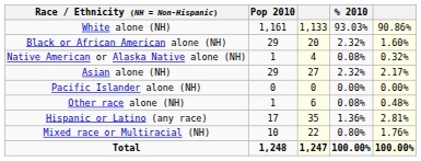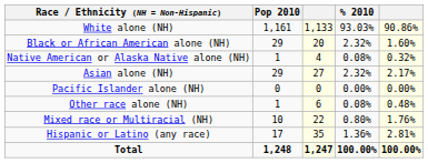 <table class="wikitable" style="text-align:center;">
 <tr>
 <th>Race / Ethnicity <small>(<em>NH = Non-Hispanic</em>)</small></th>
 <th>Pop 2010</th>
 <th></th>
 <th>% 2010</th>
 <th></th>
 </tr>
 <tr>
 <td><a href='#'>White</a> alone (NH)</td>
 <td>1,161</td>
 <td style='background: #ffffe6;'>1,133</td>
 <td>93.03%</td>
 <td style='background: #ffffe6;'>90.86%</td>
 </tr>
 <tr>
 <td><a href='#'>Black or African American</a> alone (NH)</td>
 <td>29</td>
 <td style='background: #ffffe6;'>20</td>
 <td>2.32%</td>
 <td style='background: #ffffe6;'>1.60%</td>
 </tr>
 <tr>
 <td><a href='#'>Native American</a> or <a href='#'>Alaska Native</a> alone (NH)</td>
 <td>1</td>
 <td style='background: #ffffe6;'>4</td>
 <td>0.08%</td>
 <td style='background: #ffffe6;'>0.32%</td>
 </tr>
 <tr>
 <td><a href='#'>Asian</a> alone (NH)</td>
 <td>29</td>
 <td style='background: #ffffe6;'>27</td>
 <td>2.32%</td>
 <td style='background: #ffffe6;'>2.17%</td>
 </tr>
 <tr>
 <td><a href='#'>Pacific Islander</a> alone (NH)</td>
 <td>0</td>
 <td style='background: #ffffe6;'>0</td>
 <td>0.00%</td>
 <td style='background: #ffffe6;'>0.00%</td>
 </tr>
 <tr>
 <td><a href='#'>Other race</a> alone (NH)</td>
 <td>1</td>
 <td style='background: #ffffe6;'>6</td>
 <td>0.08%</td>
 <td style='background: #ffffe6;'>0.48%</td>
 </tr>
 <tr>
+<td><a href='#'>Mixed race or Multiracial</a> (NH)</td>
+<td>10</td>
+<td style='background: #ffffe6;'>22</td>
+<td>0.80%</td>
+<td style='background: #ffffe6;'>1.76%</td>
+</tr>
+<tr>
 <td><a href='#'>Hispanic or Latino</a> (any race)</td>
 <td>17</td>
 <td style='background: #ffffe6;'>35</td>
 <td>1.36%</td>
 <td style='background: #ffffe6;'>2.81%</td>
-</tr>
-<tr>
-<td><a href='#'>Mixed race or Multiracial</a> (NH)</td>
-<td>10</td>
-<td style='background: #ffffe6;'>22</td>
-<td>0.80%</td>
-<td style='background: #ffffe6;'>1.76%</td>
 </tr>
 <tr>
 <td><strong>Total</strong></td>
 <td><strong>1,248</strong></td>
 <td style='background: #ffffe6;'><strong>1,247</strong></td>
 <td><strong>100.00%</strong></td>
 <td style='background: #ffffe6;'><strong>100.00%</strong></td>
 </tr>
 </table>
